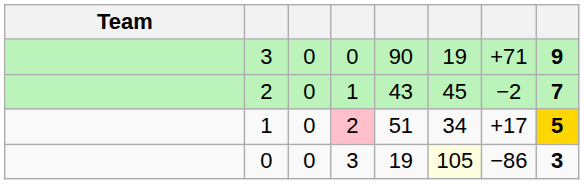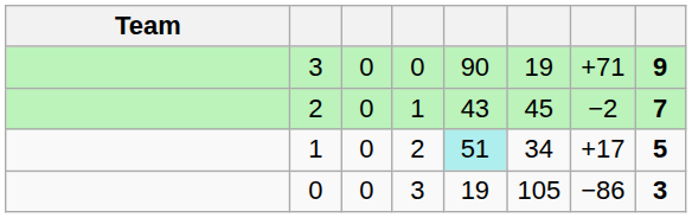 <table class="wikitable" style="text-align:center;">
 <tr>
 <th style="width:10.5em;">Team</th>
 <th style="width:1.5em;"></th>
 <th style="width:1.5em;"></th>
 <th style="width:1.5em;"></th>
 <th style="width:2.0em;"></th>
 <th style="width:2.0em;"></th>
 <th style="width:2.0em;"></th>
 <th style="width:1.5em;"></th>
 </tr>
 <tr bgcolor=#BBF3BB>
 <td align="left"></td>
 <td>3</td>
 <td>0</td>
 <td>0</td>
 <td>90</td>
 <td>19</td>
 <td>+71</td>
 <td><strong>9</strong></td>
 </tr>
 <tr bgcolor=#BBF3BB>
 <td align="left"></td>
 <td>2</td>
 <td>0</td>
 <td>1</td>
 <td>43</td>
 <td>45</td>
 <td>−2</td>
 <td><strong>7</strong></td>
 </tr>
 <tr>
 <td align="left"></td>
 <td>1</td>
 <td>0</td>
-<td style="background: pink;">2</td>
-<td>51</td>
+<td>2</td>
+<td style="background: paleturquoise;">51</td>
 <td>34</td>
 <td>+17</td>
-<td style="background: gold;"><strong>5</strong></td>
+<td><strong>5</strong></td>
 </tr>
 <tr>
 <td align="left"></td>
 <td>0</td>
 <td>0</td>
 <td>3</td>
 <td>19</td>
-<td style="background: lightyellow;">105</td>
+<td>105</td>
 <td>−86</td>
 <td><strong>3</strong></td>
 </tr>
 </table>
